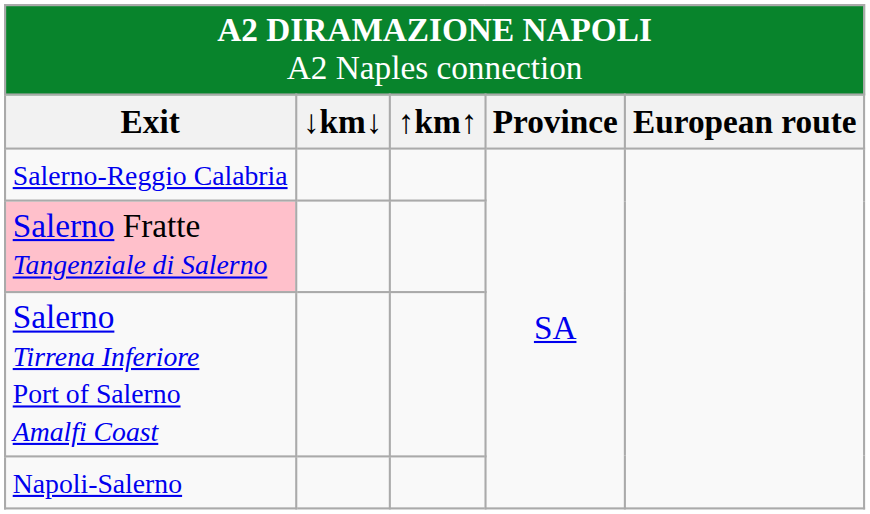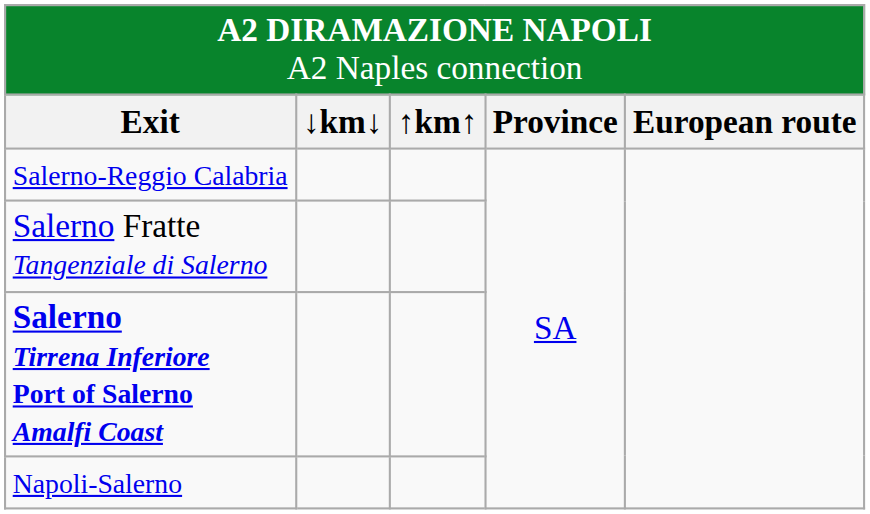 <table class="wikitable">
 <tr>
 </tr>
 <tr align="center" style="color: white;font-size:100%;" bgcolor="#08842c">
 <td colspan="6"> <strong>A2 DIRAMAZIONE NAPOLI</strong><br>A2 Naples connection</td>
 </tr>
 <tr>
 <th><strong>Exit</strong></th>
 <th align="center"><strong>↓km↓</strong></th>
 <th align="center"><strong>↑km↑</strong></th>
 <th align="center"><strong>Province</strong></th>
 <th align="center"><strong>European route</strong></th>
 </tr>
 <tr>
 <td>    <small><a href='#'>Salerno-Reggio Calabria</a></small></td>
 <td align="right"></td>
 <td align="right"></td>
 <td rowspan="4" align="center"><a href='#'>SA</a></td>
 <td rowspan="4" align="center"></td>
 </tr>
 <tr>
-<td style="background: pink;"> <a href='#'>Salerno</a> Fratte<br><small> <em><a href='#'>Tangenziale di Salerno</a></em></small></td>
+<td> <a href='#'>Salerno</a> Fratte<br><small> <em><a href='#'>Tangenziale di Salerno</a></em></small></td>
 <td align="right"></td>
 <td align="right"></td>
 </tr>
 <tr>
-<td> <a href='#'>Salerno</a> <br><small> <em><a href='#'>Tirrena Inferiore</a></em><br> <a href='#'>Port of Salerno</a><br> <em><a href='#'>Amalfi Coast</a></em></small></td>
+<td><strong> <a href='#'>Salerno</a> <br><small> <em><a href='#'>Tirrena Inferiore</a></em><br> <a href='#'>Port of Salerno</a><br> <em><a href='#'>Amalfi Coast</a></em></small></strong></td>
 <td align="right"></td>
 <td align="right"></td>
 </tr>
 <tr>
 <td>   <small><a href='#'>Napoli-Salerno</a></small></td>
 <td align="right"></td>
 <td align="right"></td>
 </tr>
 </table>
